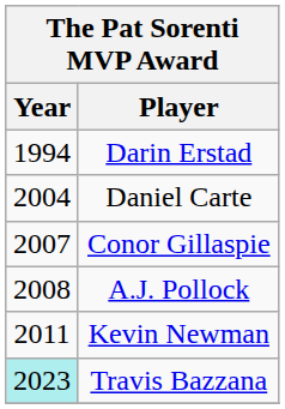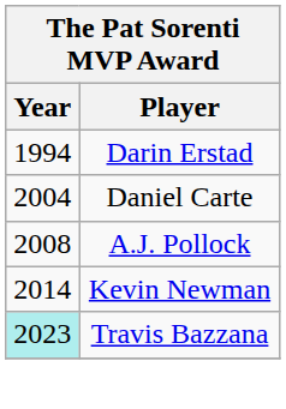 <table class="wikitable" style="display: inline-table; margin-right: 20px; text-align:center">
 <tr>
 <th scope="col" colspan="2" style="width: 145px;">The Pat Sorenti MVP Award</th>
 </tr>
 <tr>
 <th scope="col">Year</th>
 <th scope="col">Player</th>
 </tr>
 <tr>
 <td>1994</td>
 <td><a href='#'>Darin Erstad</a></td>
 </tr>
 <tr>
 <td>2004</td>
 <td>Daniel Carte</td>
 </tr>
 <tr>
-<td>2007</td>
-<td><a href='#'>Conor Gillaspie</a></td>
-</tr>
-<tr>
 <td>2008</td>
 <td><a href='#'>A.J. Pollock</a></td>
 </tr>
 <tr>
-<td>2011</td>
+<td>2014</td>
 <td><a href='#'>Kevin Newman</a></td>
 </tr>
 <tr>
 <td style="background: paleturquoise;">2023</td>
 <td><a href='#'>Travis Bazzana</a></td>
 </tr>
 <tr>
 </tr>
 </table>
